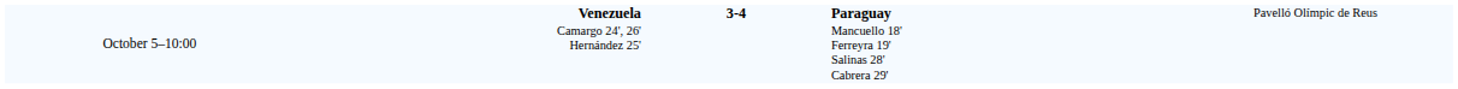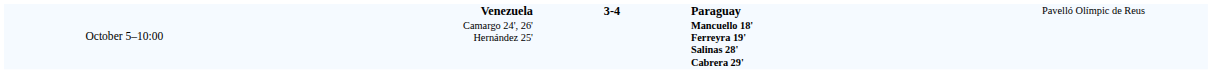 <table style="width: 100%; background:#F5FAFF;" cellspacing="0">
 <tr>
 <td style=font-size:95% align=center rowspan=3 width=20%>October 5–10:00</td>
 </tr>
 <tr>
 <td width=24% align=right><strong>Venezuela</strong></td>
 <td align=center width=13%><strong>3-4</strong></td>
 <td width=24%><strong>Paraguay</strong></td>
 <td style=font-size:85% rowspan=3 valign=top align=center>Pavelló Olímpic de Reus</td>
 </tr>
 <tr style=font-size:85%>
 <td align=right valign=top>Camargo 24', 26'<br>Hernández 25'</td>
 <td></td>
-<td valign=top>Mancuello 18'<br>Ferreyra 19'<br>Salinas 28'<br>Cabrera 29'</td>
+<td valign=top><strong>Mancuello 18'<br>Ferreyra 19'<br>Salinas 28'<br>Cabrera 29'</strong></td>
 </tr>
 </table>
